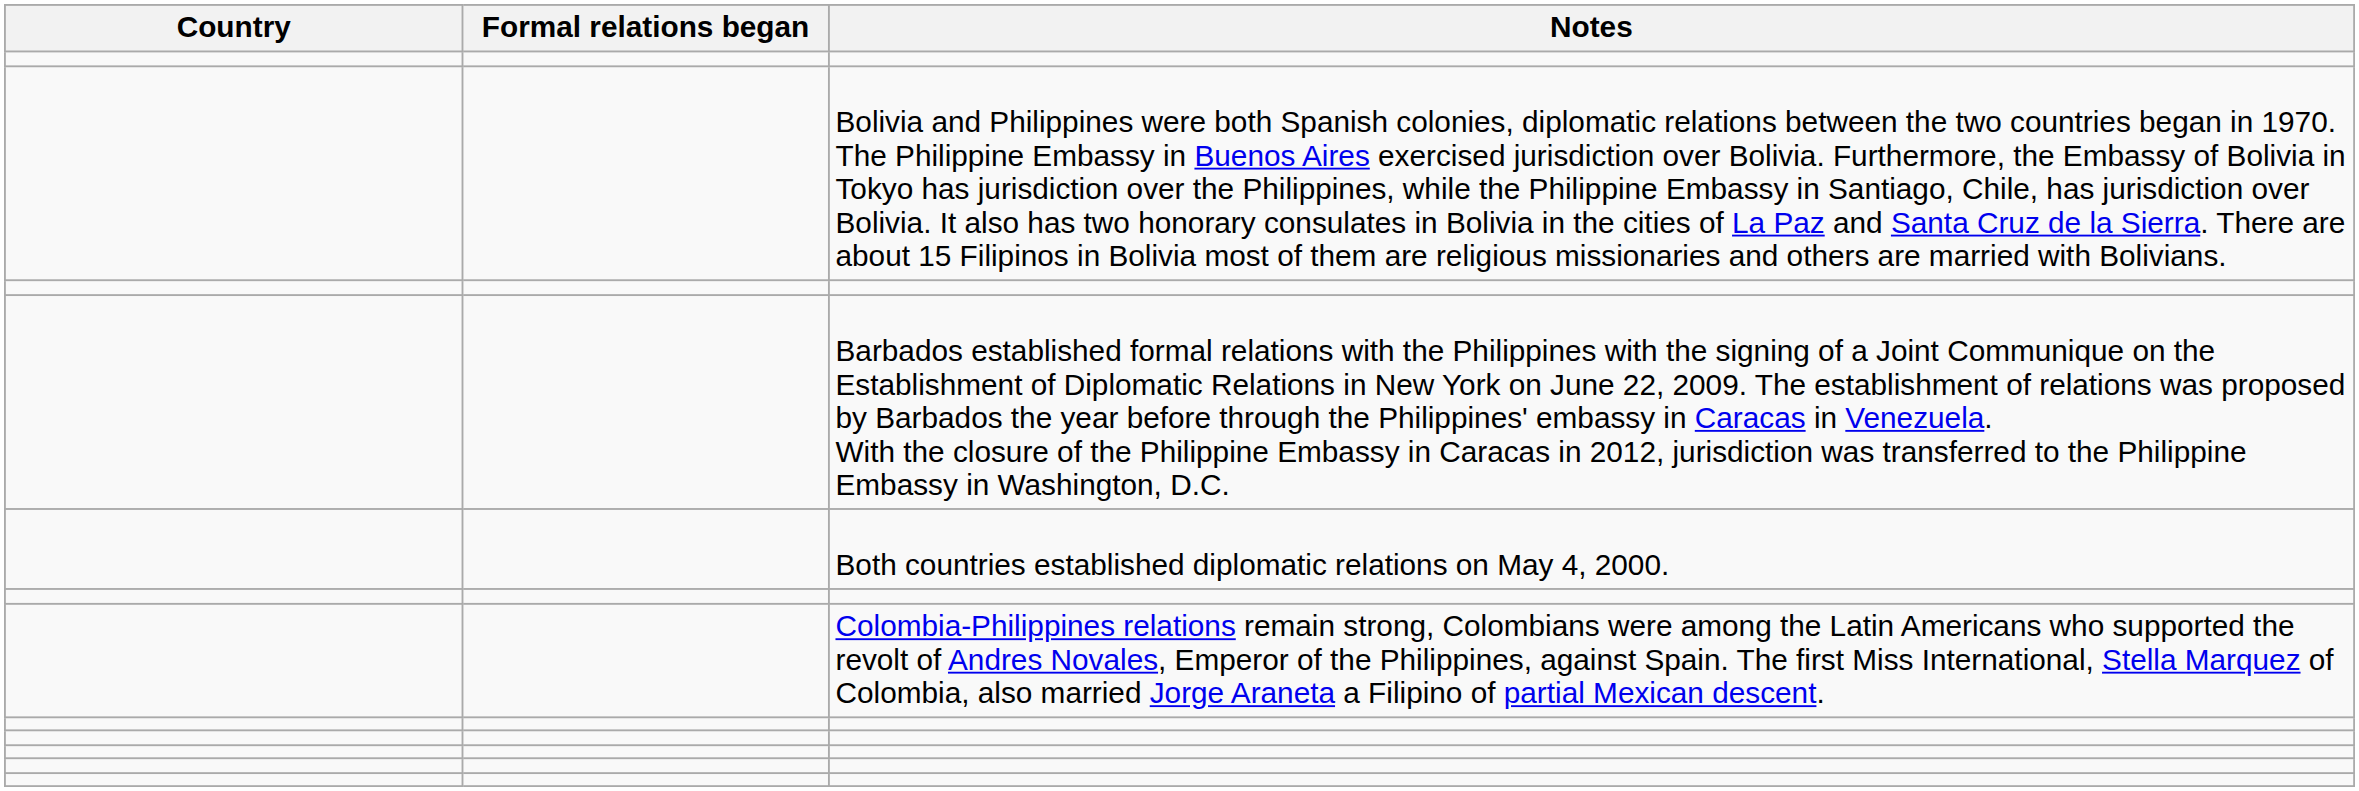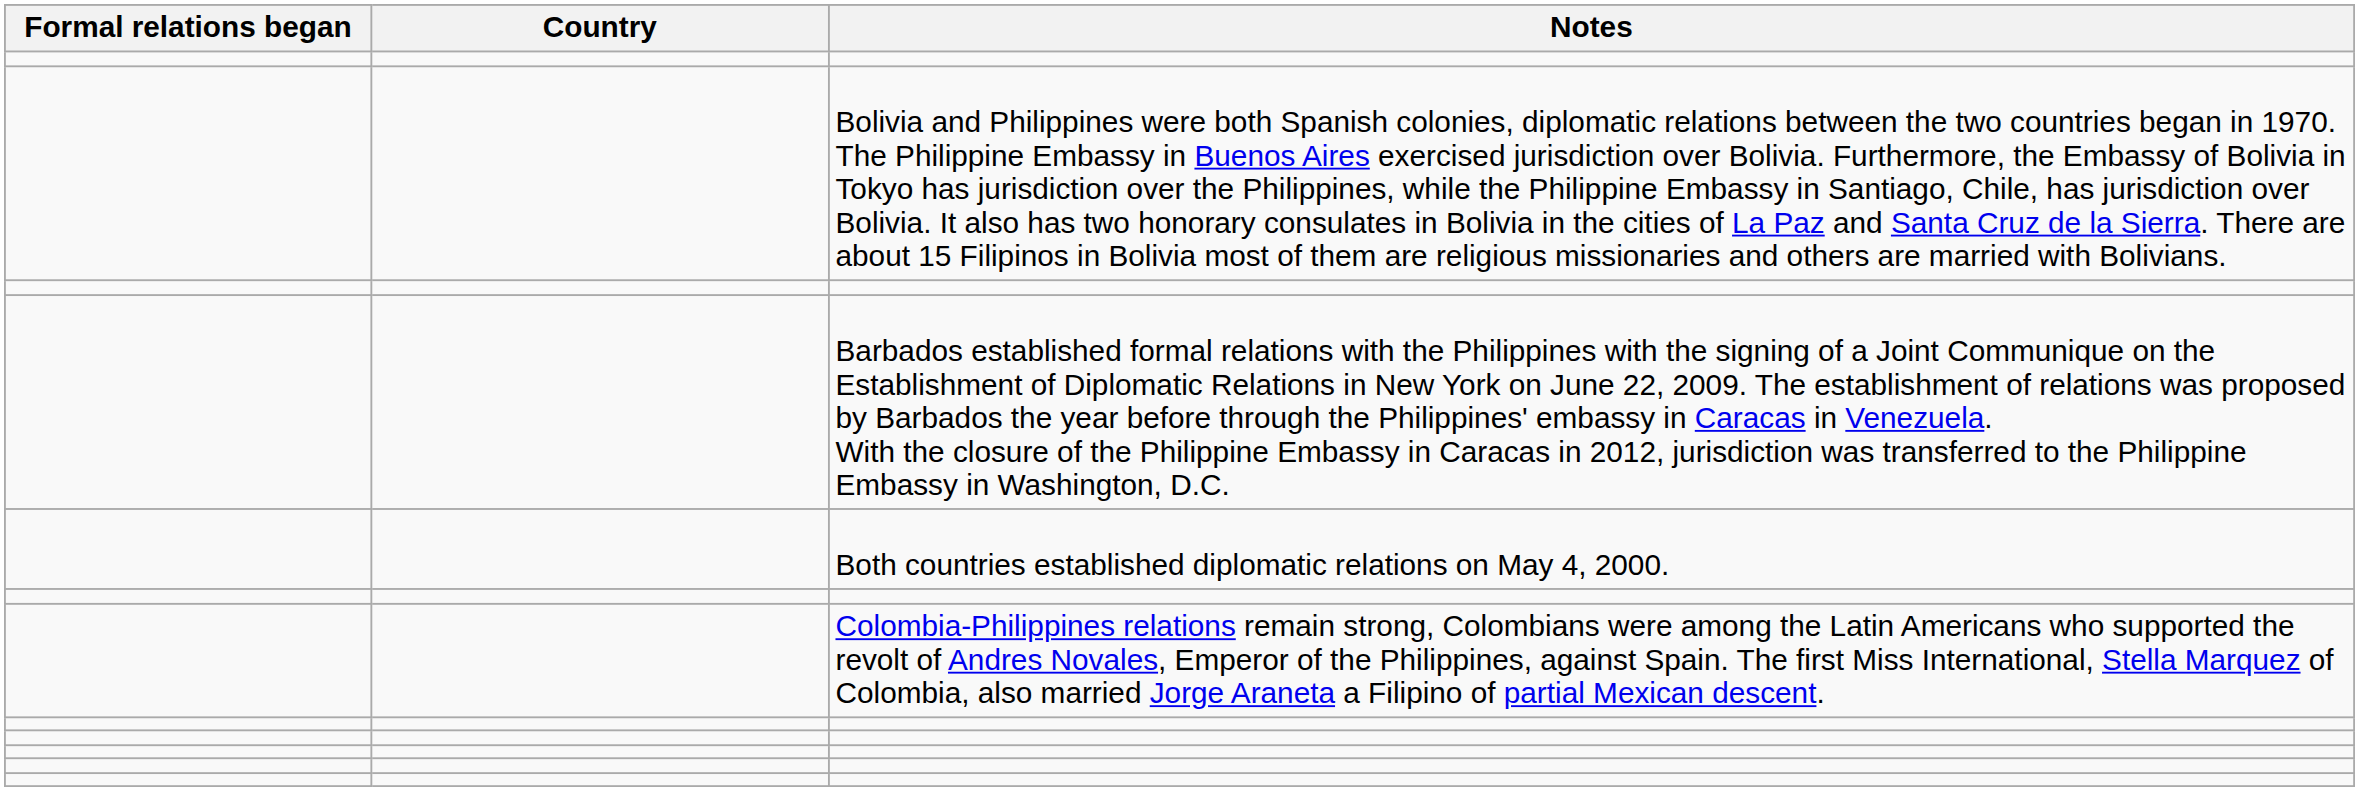 <table class="wikitable sortable" style="width:100%; margin:auto;">
 <tr>
+<th style="width:12%;">Formal relations began</th>
 <th style="width:15%;">Country</th>
-<th style="width:12%;">Formal relations began</th>
 <th class="unsortable" style="width:50%;">Notes</th>
 </tr>
 <tr valign="top">
 <td></td>
 <td></td>
 <td></td>
 </tr>
 <tr valign="top">
 <td></td>
 <td></td>
 <td><br>Bolivia and Philippines were both Spanish colonies, diplomatic relations between the two countries began in 1970. The Philippine Embassy in <a href='#'>Buenos Aires</a> exercised jurisdiction over Bolivia. Furthermore, the Embassy of Bolivia in Tokyo has jurisdiction over the Philippines, while the Philippine Embassy in Santiago, Chile, has jurisdiction over Bolivia. It also has two honorary consulates in Bolivia in the cities of <a href='#'>La Paz</a> and <a href='#'>Santa Cruz de la Sierra</a>. There are about 15 Filipinos in Bolivia most of them are religious missionaries and others are married with Bolivians.</td>
 </tr>
 <tr valign="top">
 <td></td>
 <td></td>
 <td></td>
 </tr>
 <tr valign="top">
 <td></td>
 <td></td>
 <td><br>Barbados established formal relations with the Philippines with the signing of a Joint Communique on the Establishment of Diplomatic Relations in New York on June 22, 2009. The establishment of relations was proposed by Barbados the year before through the Philippines' embassy in <a href='#'>Caracas</a> in <a href='#'>Venezuela</a>.<br>With the closure of the Philippine Embassy in Caracas in 2012, jurisdiction was transferred to the Philippine Embassy in Washington, D.C.</td>
 </tr>
 <tr valign="top">
 <td></td>
 <td></td>
 <td><br>Both countries established diplomatic relations on May 4, 2000.</td>
 </tr>
 <tr valign="top">
 <td></td>
 <td></td>
 <td></td>
 </tr>
 <tr valign="top">
 <td></td>
 <td></td>
 <td><a href='#'>Colombia-Philippines relations</a> remain strong, Colombians were among the Latin Americans who supported the revolt of <a href='#'>Andres Novales</a>, Emperor of the Philippines, against Spain. The first Miss International, <a href='#'>Stella Marquez</a> of Colombia, also married <a href='#'>Jorge Araneta</a> a Filipino of <a href='#'>partial Mexican descent</a>.</td>
 </tr>
 <tr valign="top">
 <td></td>
 <td></td>
 <td></td>
 </tr>
 <tr valign="top">
 <td></td>
 <td></td>
 <td></td>
 </tr>
 <tr valign="top">
 <td></td>
 <td></td>
 <td></td>
 </tr>
 <tr valign="top">
 <td></td>
 <td></td>
 <td></td>
 </tr>
 <tr valign="top">
 <td></td>
 <td></td>
 <td></td>
 </tr>
 </table>
